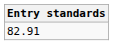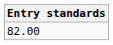 <table class="wikitable" border="1" align="upright">
 <tr>
 <th>Entry standards</th>
 </tr>
 <tr>
-<td>82.91</td>
+<td>82.00</td>
 </tr>
 </table>
